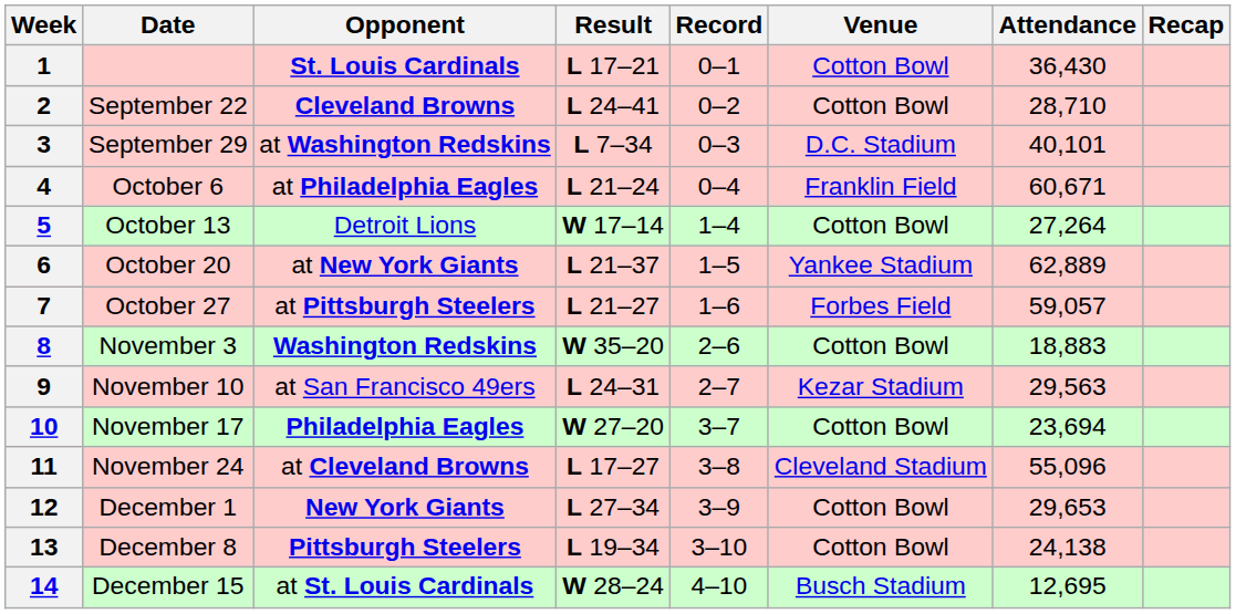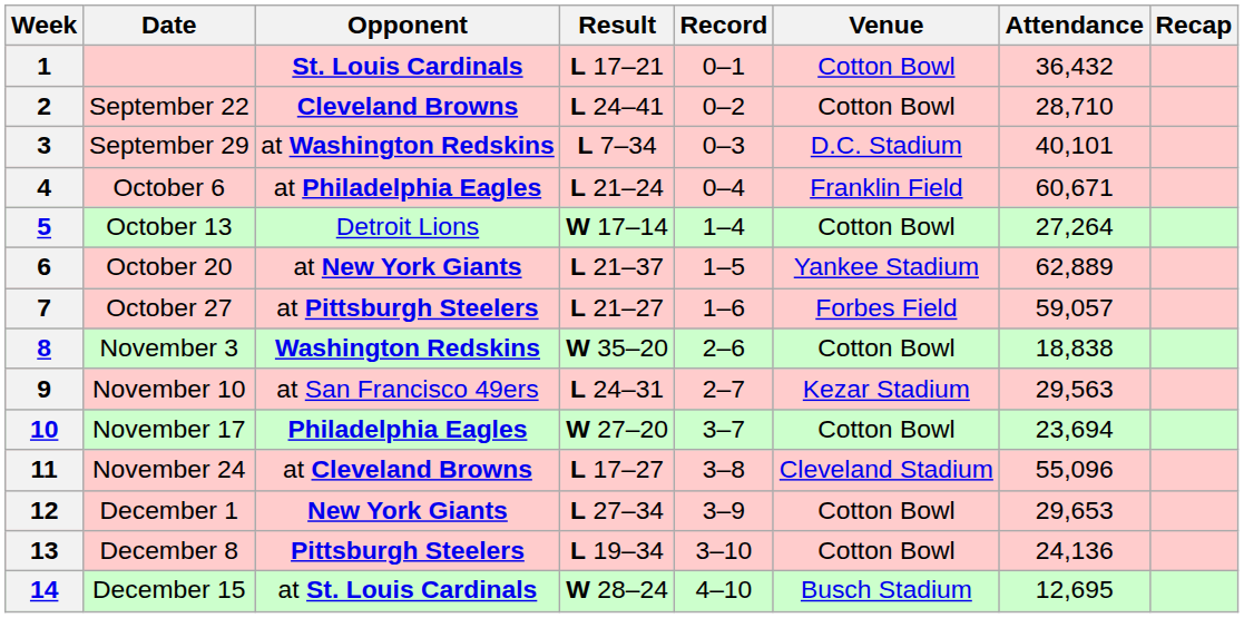 <table class="wikitable" style="text-align:center">
 <tr>
 <th>Week</th>
 <th>Date</th>
 <th>Opponent</th>
 <th>Result</th>
 <th>Record</th>
 <th>Venue</th>
 <th>Attendance</th>
 <th>Recap</th>
 </tr>
 <tr style="background: #fcc">
 <th>1</th>
 <td></td>
 <td><strong><a href='#'>St. Louis Cardinals</a></strong></td>
 <td><strong>L</strong> 17–21</td>
 <td>0–1</td>
 <td><a href='#'>Cotton Bowl</a></td>
-<td>36,430</td>
+<td>36,432</td>
 <td></td>
 </tr>
 <tr style="background: #fcc">
 <th>2</th>
 <td>September 22</td>
 <td><strong><a href='#'>Cleveland Browns</a></strong></td>
 <td><strong>L</strong> 24–41</td>
 <td>0–2</td>
 <td>Cotton Bowl</td>
 <td>28,710</td>
 <td></td>
 </tr>
 <tr style="background: #fcc">
 <th>3</th>
 <td>September 29</td>
 <td>at <strong><a href='#'>Washington Redskins</a></strong></td>
 <td><strong>L</strong> 7–34</td>
 <td>0–3</td>
 <td><a href='#'>D.C. Stadium</a></td>
 <td>40,101</td>
 <td></td>
 </tr>
 <tr style="background: #fcc">
 <th>4</th>
 <td>October 6</td>
 <td>at <strong><a href='#'>Philadelphia Eagles</a></strong></td>
 <td><strong>L</strong> 21–24</td>
 <td>0–4</td>
 <td><a href='#'>Franklin Field</a></td>
 <td>60,671</td>
 <td></td>
 </tr>
 <tr style="background: #cfc">
 <th><a href='#'>5</a></th>
 <td>October 13</td>
 <td><a href='#'>Detroit Lions</a></td>
 <td><strong>W</strong> 17–14</td>
 <td>1–4</td>
 <td>Cotton Bowl</td>
 <td>27,264</td>
 <td></td>
 </tr>
 <tr style="background: #fcc">
 <th>6</th>
 <td>October 20</td>
 <td>at <strong><a href='#'>New York Giants</a></strong></td>
 <td><strong>L</strong> 21–37</td>
 <td>1–5</td>
 <td><a href='#'>Yankee Stadium</a></td>
 <td>62,889</td>
 <td></td>
 </tr>
 <tr style="background: #fcc">
 <th>7</th>
 <td>October 27</td>
 <td>at <strong><a href='#'>Pittsburgh Steelers</a></strong></td>
 <td><strong>L</strong> 21–27</td>
 <td>1–6</td>
 <td><a href='#'>Forbes Field</a></td>
 <td>59,057</td>
 <td></td>
 </tr>
 <tr style="background: #cfc">
 <th><a href='#'>8</a></th>
 <td>November 3</td>
 <td><strong><a href='#'>Washington Redskins</a></strong></td>
 <td><strong>W</strong> 35–20</td>
 <td>2–6</td>
 <td>Cotton Bowl</td>
-<td>18,883</td>
+<td>18,838</td>
 <td></td>
 </tr>
 <tr style="background: #fcc">
 <th>9</th>
 <td>November 10</td>
 <td>at <a href='#'>San Francisco 49ers</a></td>
 <td><strong>L</strong> 24–31</td>
 <td>2–7</td>
 <td><a href='#'>Kezar Stadium</a></td>
 <td>29,563</td>
 <td></td>
 </tr>
 <tr style="background: #cfc">
 <th><a href='#'>10</a></th>
 <td>November 17</td>
 <td><strong><a href='#'>Philadelphia Eagles</a></strong></td>
 <td><strong>W</strong> 27–20</td>
 <td>3–7</td>
 <td>Cotton Bowl</td>
 <td>23,694</td>
 <td></td>
 </tr>
 <tr style="background: #fcc">
 <th>11</th>
 <td>November 24</td>
 <td>at <strong><a href='#'>Cleveland Browns</a></strong></td>
 <td><strong>L</strong> 17–27</td>
 <td>3–8</td>
 <td><a href='#'>Cleveland Stadium</a></td>
 <td>55,096</td>
 <td></td>
 </tr>
 <tr style="background: #fcc">
 <th>12</th>
 <td>December 1</td>
 <td><strong><a href='#'>New York Giants</a></strong></td>
 <td><strong>L</strong> 27–34</td>
 <td>3–9</td>
 <td>Cotton Bowl</td>
 <td>29,653</td>
 <td></td>
 </tr>
 <tr style="background: #fcc">
 <th>13</th>
 <td>December 8</td>
 <td><strong><a href='#'>Pittsburgh Steelers</a></strong></td>
 <td><strong>L</strong> 19–34</td>
 <td>3–10</td>
 <td>Cotton Bowl</td>
-<td>24,138</td>
+<td>24,136</td>
 <td></td>
 </tr>
 <tr style="background: #cfc">
 <th><a href='#'>14</a></th>
 <td>December 15</td>
 <td>at <strong><a href='#'>St. Louis Cardinals</a></strong></td>
 <td><strong>W</strong> 28–24</td>
 <td>4–10</td>
 <td><a href='#'>Busch Stadium</a></td>
 <td>12,695</td>
 <td></td>
 </tr>
 </table>
